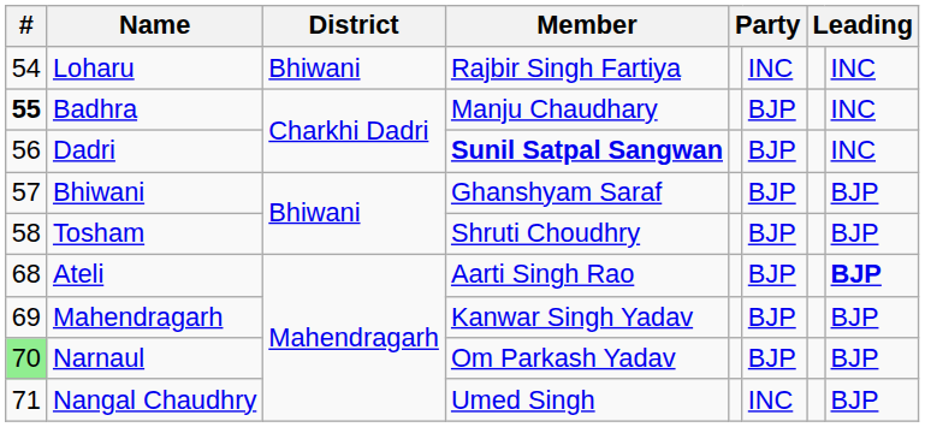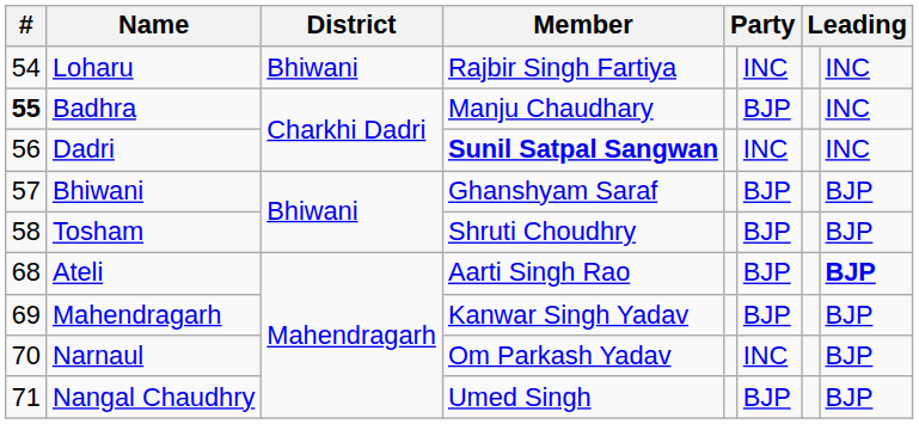 <table class="wikitable">
 <tr>
 <th>#</th>
 <th>Name</th>
 <th>District</th>
 <th>Member</th>
 <th colspan="2">Party</th>
 <th colspan="2">Leading<br></th>
 </tr>
 <tr>
 <td>54</td>
 <td><a href='#'>Loharu</a></td>
 <td><a href='#'>Bhiwani</a></td>
 <td><a href='#'>Rajbir Singh Fartiya</a></td>
 <td style="background-color:"></td>
 <td><a href='#'>INC</a></td>
 <td style="background-color:"></td>
 <td><a href='#'>INC</a></td>
 </tr>
 <tr>
 <td><strong>55</strong></td>
 <td><a href='#'>Badhra</a></td>
 <td rowspan="2"><a href='#'>Charkhi Dadri</a></td>
 <td><a href='#'>Manju Chaudhary</a></td>
 <td style="background-color:"></td>
 <td><a href='#'>BJP</a></td>
 <td style="background-color:"></td>
 <td><a href='#'>INC</a></td>
 </tr>
 <tr>
 <td>56</td>
 <td><a href='#'>Dadri</a></td>
 <td><strong><a href='#'>Sunil Satpal Sangwan</a></strong></td>
 <td style="background-color:"></td>
-<td><a href='#'>BJP</a></td>
+<td><a href='#'>INC</a></td>
 <td style="background-color:"></td>
 <td><a href='#'>INC</a></td>
 </tr>
 <tr>
 <td>57</td>
 <td><a href='#'>Bhiwani</a></td>
 <td rowspan="2"><a href='#'>Bhiwani</a></td>
 <td><a href='#'>Ghanshyam Saraf</a></td>
 <td style="background-color:"></td>
 <td><a href='#'>BJP</a></td>
 <td style="background-color:"></td>
 <td><a href='#'>BJP</a></td>
 </tr>
 <tr>
 <td>58</td>
 <td><a href='#'>Tosham</a></td>
 <td><a href='#'>Shruti Choudhry</a></td>
 <td style="background-color:"></td>
 <td><a href='#'>BJP</a></td>
 <td style="background-color:"></td>
 <td><a href='#'>BJP</a></td>
 </tr>
 <tr>
 <td>68</td>
 <td><a href='#'>Ateli</a></td>
 <td rowspan="4"><a href='#'>Mahendragarh</a></td>
 <td><a href='#'>Aarti Singh Rao</a></td>
 <td style="background-color:"></td>
 <td><a href='#'>BJP</a></td>
 <td style="background-color:"></td>
 <td><strong><a href='#'>BJP</a></strong></td>
 </tr>
 <tr>
 <td>69</td>
 <td><a href='#'>Mahendragarh</a></td>
 <td><a href='#'>Kanwar Singh Yadav</a></td>
 <td style="background-color:"></td>
 <td><a href='#'>BJP</a></td>
 <td style="background-color:"></td>
 <td><a href='#'>BJP</a></td>
 </tr>
 <tr>
-<td style="background: lightgreen;">70</td>
+<td>70</td>
 <td><a href='#'>Narnaul</a></td>
 <td><a href='#'>Om Parkash Yadav</a></td>
 <td style="background-color:"></td>
-<td><a href='#'>BJP</a></td>
+<td><a href='#'>INC</a></td>
 <td style="background-color:"></td>
 <td><a href='#'>BJP</a></td>
 </tr>
 <tr>
 <td>71</td>
 <td><a href='#'>Nangal Chaudhry</a></td>
 <td><a href='#'>Umed Singh</a></td>
 <td style="background-color:"></td>
-<td><a href='#'>INC</a></td>
+<td><a href='#'>BJP</a></td>
 <td style="background-color:"></td>
 <td><a href='#'>BJP</a></td>
 </tr>
 </table>
